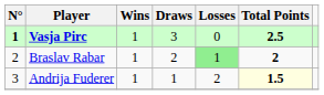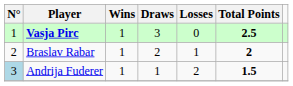 <table class="wikitable" border="1">
 <tr>
 <th>N°</th>
 <th>Player</th>
 <th>Wins</th>
 <th>Draws</th>
 <th>Losses</th>
 <th>Total Points</th>
 </tr>
 <tr align=center style="background:#ccffcc;">
-<td><strong>1</strong></td>
+<td>1</td>
 <td align=left> <strong><a href='#'>Vasja Pirc</a></strong></td>
 <td>1</td>
 <td>3</td>
 <td>0</td>
 <td><strong>2.5</strong></td>
 <td align=center></td>
 </tr>
 <tr align=center>
 <td>2</td>
 <td align=left> <a href='#'>Braslav Rabar</a></td>
 <td>1</td>
 <td>2</td>
-<td style="background: lightgreen;">1</td>
+<td>1</td>
 <td><strong>2</strong></td>
 <td align=center></td>
 </tr>
 <tr align=center>
-<td>3</td>
+<td style="background: lightblue;">3</td>
 <td align=left> <a href='#'>Andrija Fuderer</a></td>
 <td>1</td>
 <td>1</td>
 <td>2</td>
-<td style="background: lightyellow;"><strong>1.5</strong></td>
+<td><strong>1.5</strong></td>
 <td align=center></td>
 </tr>
 <tr align=center>
 </tr>
 </table>
